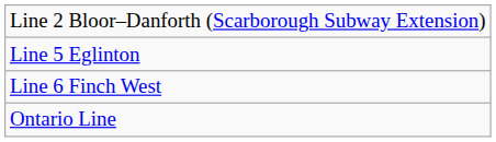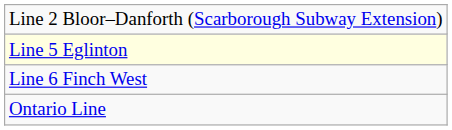 <table class=wikitable>
 <tr>
 <td> Line 2 Bloor–Danforth (<a href='#'>Scarborough Subway Extension</a>)</td>
 </tr>
 <tr>
-<td> <a href='#'>Line 5 Eglinton</a></td>
+<td style="background: lightyellow;"> <a href='#'>Line 5 Eglinton</a></td>
 </tr>
 <tr>
 <td> <a href='#'>Line 6 Finch West</a></td>
 </tr>
 <tr>
 <td><a href='#'>Ontario Line</a></td>
 </tr>
 </table>
